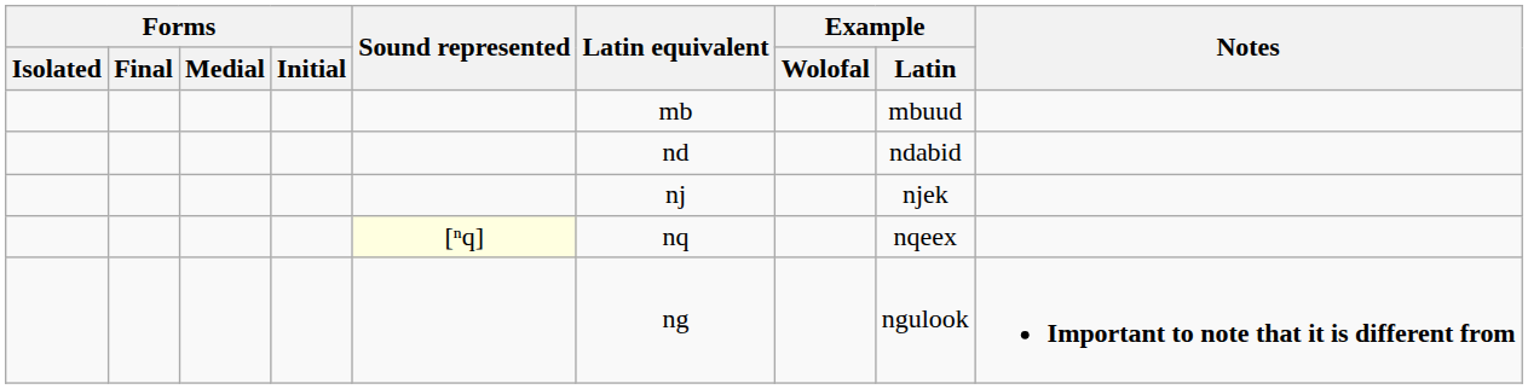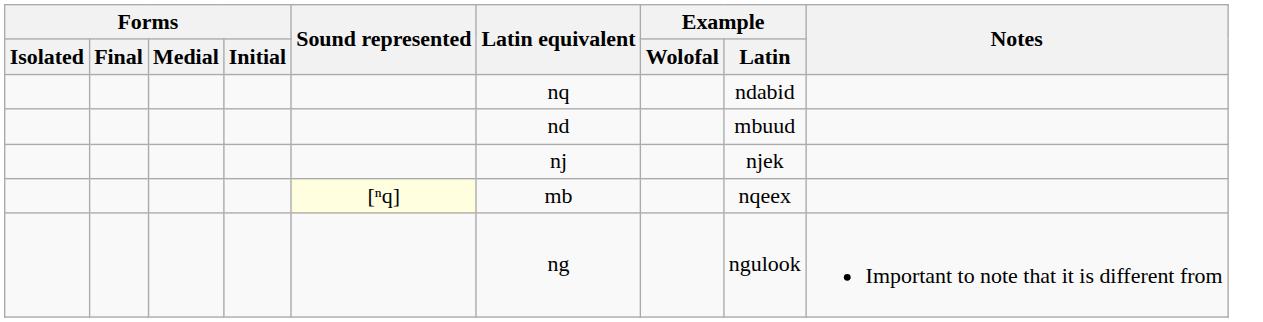 <table class="wikitable" style="text-align: center;">
 <tr>
 <th colspan="4">Forms</th>
 <th rowspan="2">Sound represented</th>
 <th rowspan="2">Latin equivalent</th>
 <th colspan="2">Example</th>
 <th rowspan="2">Notes</th>
 </tr>
 <tr>
 <th>Isolated</th>
 <th>Final</th>
 <th>Medial</th>
 <th>Initial</th>
 <th>Wolofal</th>
 <th>Latin</th>
 </tr>
 <tr>
 <td><span></span></td>
 <td><span></span></td>
 <td><span></span></td>
 <td><span></span></td>
 <td></td>
-<td>mb</td>
+<td>nq</td>
 <td><span></span></td>
-<td>mbuud</td>
+<td>ndabid</td>
 <td></td>
 </tr>
 <tr>
 <td><span></span></td>
 <td><span></span></td>
 <td><span></span></td>
 <td><span></span></td>
 <td></td>
 <td>nd</td>
 <td><span></span></td>
-<td>ndabid</td>
+<td>mbuud</td>
 <td></td>
 </tr>
 <tr>
 <td><span></span></td>
 <td><span></span></td>
 <td><span></span></td>
 <td><span></span></td>
 <td></td>
 <td>nj</td>
 <td><span></span></td>
 <td>njek</td>
 <td></td>
 </tr>
 <tr>
 <td><span></span></td>
 <td><span></span></td>
 <td><span></span></td>
 <td><span></span></td>
 <td style="background: lightyellow;">[ⁿq]</td>
-<td>nq</td>
+<td>mb</td>
 <td><span></span></td>
 <td>nqeex</td>
 <td></td>
 </tr>
 <tr>
 <td><span></span></td>
 <td><span></span></td>
 <td><span></span></td>
 <td><span></span></td>
 <td></td>
 <td>ng</td>
 <td><span></span></td>
 <td>ngulook</td>
-<td><strong><br><ul><li>Important to note that it is different from <span></span></li></ul></strong></td>
+<td><br><ul><li>Important to note that it is different from <span></span></li></ul></td>
 </tr>
 </table>
